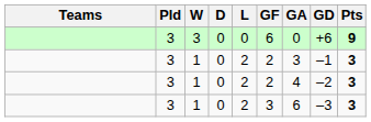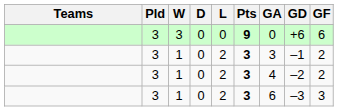 <table class="wikitable" style="text-align: center;">
 <tr>
 <th width=165>Teams</th>
 <th width=20>Pld</th>
 <th width=20>W</th>
 <th width=20>D</th>
 <th width=20>L</th>
-<th width=20>GF</th>
+<th width=20>Pts</th>
 <th width=20>GA</th>
 <th width=20>GD</th>
-<th width=20>Pts</th>
+<th width=20>GF</th>
 </tr>
 <tr align=center style="background:#ccffcc;">
 <td style="text-align:left;"></td>
 <td>3</td>
 <td>3</td>
 <td>0</td>
 <td>0</td>
-<td>6</td>
+<td><strong>9</strong></td>
 <td>0</td>
 <td>+6</td>
-<td><strong>9</strong></td>
+<td>6</td>
 </tr>
 <tr align=center>
 <td style="text-align:left;"></td>
 <td>3</td>
 <td>1</td>
 <td>0</td>
 <td>2</td>
-<td>2</td>
+<td><strong>3</strong></td>
 <td>3</td>
 <td>–1</td>
-<td><strong>3</strong></td>
+<td>2</td>
 </tr>
 <tr align=center>
 <td style="text-align:left;"></td>
 <td>3</td>
 <td>1</td>
 <td>0</td>
 <td>2</td>
-<td>2</td>
+<td><strong>3</strong></td>
 <td>4</td>
 <td>–2</td>
-<td><strong>3</strong></td>
+<td>2</td>
 </tr>
 <tr align=center>
 <td style="text-align:left;"></td>
 <td>3</td>
 <td>1</td>
 <td>0</td>
 <td>2</td>
-<td>3</td>
+<td><strong>3</strong></td>
 <td>6</td>
 <td>–3</td>
-<td><strong>3</strong></td>
+<td>3</td>
 </tr>
 </table>
